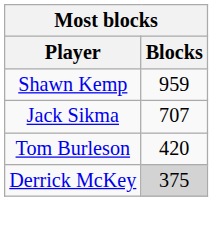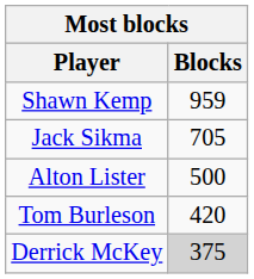 <table class="wikitable sortable" style="text-align:center">
 <tr>
 <th colspan="2" style="text-align:center; ">Most blocks</th>
 </tr>
 <tr>
 <th style="text-align:center; ">Player</th>
 <th style="text-align:center; ">Blocks</th>
 </tr>
 <tr>
 <td><a href='#'>Shawn Kemp</a></td>
 <td>959</td>
 </tr>
 <tr>
 <td><a href='#'>Jack Sikma</a></td>
-<td>707</td>
+<td>705</td>
+</tr>
+<tr>
+<td><a href='#'>Alton Lister</a></td>
+<td>500</td>
 </tr>
 <tr>
 <td><a href='#'>Tom Burleson</a></td>
 <td>420</td>
 </tr>
 <tr>
 <td><a href='#'>Derrick McKey</a></td>
 <td style="background: lightgrey;">375</td>
 </tr>
 </table>
